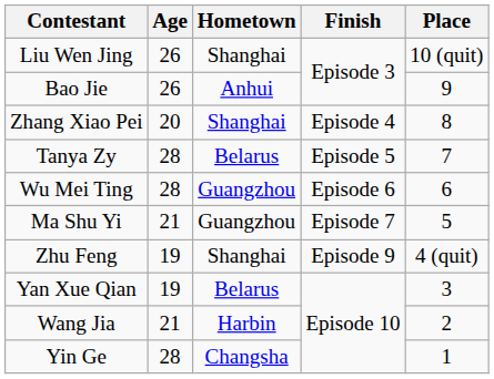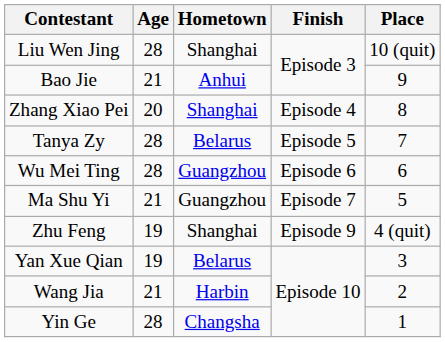 <table class="wikitable sortable" style="text-align:center;">
 <tr>
 <th>Contestant</th>
 <th>Age</th>
 <th>Hometown</th>
 <th>Finish</th>
 <th>Place</th>
 </tr>
 <tr>
 <td>Liu Wen Jing</td>
-<td>26</td>
+<td>28</td>
 <td>Shanghai</td>
 <td rowspan="2">Episode 3</td>
 <td>10 (quit)</td>
 </tr>
 <tr>
 <td>Bao Jie</td>
-<td>26</td>
+<td>21</td>
 <td><a href='#'>Anhui</a></td>
 <td>9</td>
 </tr>
 <tr>
 <td>Zhang Xiao Pei</td>
 <td>20</td>
 <td><a href='#'>Shanghai</a></td>
 <td>Episode 4</td>
 <td>8</td>
 </tr>
 <tr>
 <td>Tanya Zy</td>
 <td>28</td>
 <td><a href='#'>Belarus</a></td>
 <td>Episode 5</td>
 <td>7</td>
 </tr>
 <tr>
 <td>Wu Mei Ting</td>
 <td>28</td>
 <td><a href='#'>Guangzhou</a></td>
 <td>Episode 6</td>
 <td>6</td>
 </tr>
 <tr>
 <td>Ma Shu Yi</td>
 <td>21</td>
 <td>Guangzhou</td>
 <td>Episode 7</td>
 <td>5</td>
 </tr>
 <tr>
 <td>Zhu Feng</td>
 <td>19</td>
 <td>Shanghai</td>
 <td>Episode 9</td>
 <td>4 (quit)</td>
 </tr>
 <tr>
 <td>Yan Xue Qian</td>
 <td>19</td>
 <td><a href='#'>Belarus</a></td>
 <td rowspan="3">Episode 10</td>
 <td>3</td>
 </tr>
 <tr>
 <td>Wang Jia</td>
 <td>21</td>
 <td><a href='#'>Harbin</a></td>
 <td>2</td>
 </tr>
 <tr>
 <td>Yin Ge</td>
 <td>28</td>
 <td><a href='#'>Changsha</a></td>
 <td>1</td>
 </tr>
 </table>
